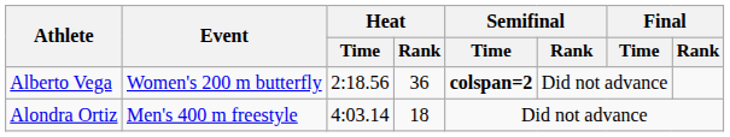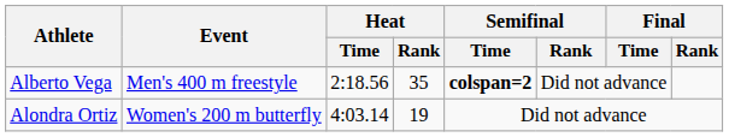 <table class=wikitable style="font-size:90%">
 <tr>
 <th rowspan="2">Athlete</th>
 <th rowspan="2">Event</th>
 <th colspan="2">Heat</th>
 <th colspan="2">Semifinal</th>
 <th colspan="2">Final</th>
 </tr>
 <tr style="font-size:95%">
 <th>Time</th>
 <th>Rank</th>
 <th>Time</th>
 <th>Rank</th>
 <th>Time</th>
 <th>Rank</th>
 </tr>
 <tr align=center>
 <td align=left><a href='#'>Alberto Vega</a></td>
-<td align=left><a href='#'>Women's 200 m butterfly</a></td>
+<td align=left><a href='#'>Men's 400 m freestyle</a></td>
 <td>2:18.56</td>
-<td>36</td>
+<td>35</td>
 <td><strong>colspan=2 </strong></td>
 <td colspan=2>Did not advance</td>
 </tr>
 <tr align=center>
 <td align=left><a href='#'>Alondra Ortiz</a></td>
-<td align=left><a href='#'>Men's 400 m freestyle</a></td>
+<td align=left><a href='#'>Women's 200 m butterfly</a></td>
 <td>4:03.14</td>
-<td>18</td>
+<td>19</td>
 <td colspan=4>Did not advance</td>
 </tr>
 </table>
